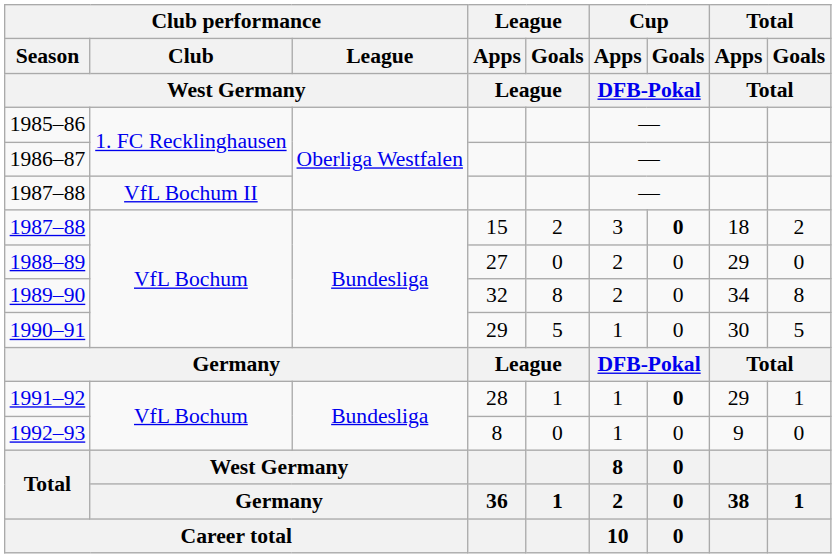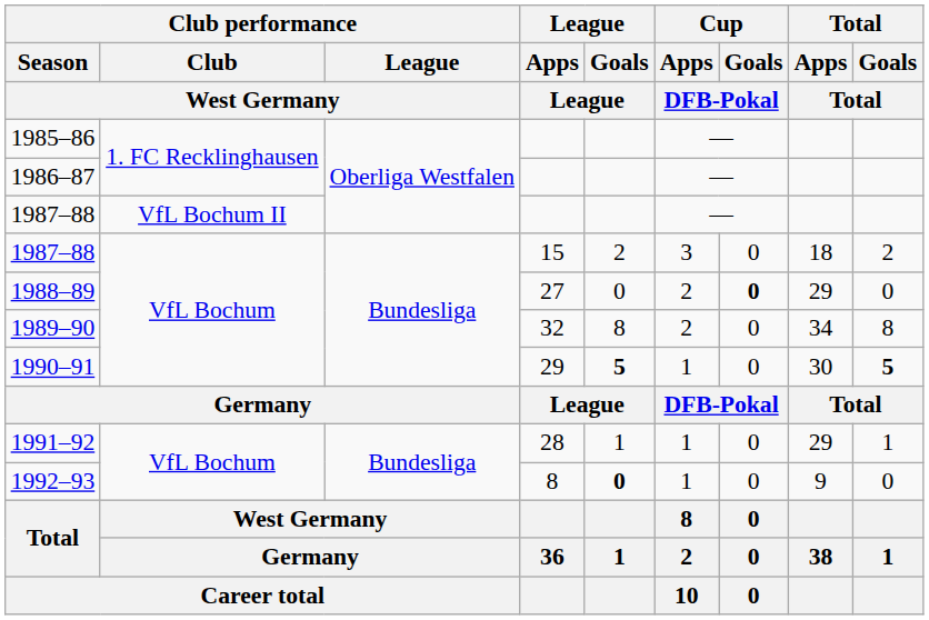 <table class="wikitable" style="text-align:center">
 <tr>
 <th colspan=3>Club performance</th>
 <th colspan=2>League</th>
 <th colspan=2>Cup</th>
 <th colspan=2>Total</th>
 </tr>
 <tr>
 <th>Season</th>
 <th>Club</th>
 <th>League</th>
 <th>Apps</th>
 <th>Goals</th>
 <th>Apps</th>
 <th>Goals</th>
 <th>Apps</th>
 <th>Goals</th>
 </tr>
 <tr>
 <th colspan=3>West Germany</th>
 <th colspan=2>League</th>
 <th colspan=2><a href='#'>DFB-Pokal</a></th>
 <th colspan=2>Total</th>
 </tr>
 <tr>
 <td>1985–86</td>
 <td rowspan="2"><a href='#'>1. FC Recklinghausen</a></td>
 <td rowspan="3"><a href='#'>Oberliga Westfalen</a></td>
 <td></td>
 <td></td>
 <td colspan="2">—</td>
 <td></td>
 <td></td>
 </tr>
 <tr>
 <td>1986–87</td>
 <td></td>
 <td></td>
 <td colspan="2">—</td>
 <td></td>
 <td></td>
 </tr>
 <tr>
 <td>1987–88</td>
 <td><a href='#'>VfL Bochum II</a></td>
 <td></td>
 <td></td>
 <td colspan="2">—</td>
 <td></td>
 <td></td>
 </tr>
 <tr>
 <td><a href='#'>1987–88</a></td>
 <td rowspan="4"><a href='#'>VfL Bochum</a></td>
 <td rowspan="4"><a href='#'>Bundesliga</a></td>
 <td>15</td>
 <td>2</td>
 <td>3</td>
-<td><strong>0</strong></td>
+<td>0</td>
 <td>18</td>
 <td>2</td>
 </tr>
 <tr>
 <td><a href='#'>1988–89</a></td>
 <td>27</td>
 <td>0</td>
 <td>2</td>
-<td>0</td>
+<td><strong>0</strong></td>
 <td>29</td>
 <td>0</td>
 </tr>
 <tr>
 <td><a href='#'>1989–90</a></td>
 <td>32</td>
 <td>8</td>
 <td>2</td>
 <td>0</td>
 <td>34</td>
 <td>8</td>
 </tr>
 <tr>
 <td><a href='#'>1990–91</a></td>
 <td>29</td>
-<td>5</td>
+<td><strong>5</strong></td>
 <td>1</td>
 <td>0</td>
 <td>30</td>
-<td>5</td>
+<td><strong>5</strong></td>
 </tr>
 <tr>
 <th colspan=3>Germany</th>
 <th colspan=2>League</th>
 <th colspan=2><a href='#'>DFB-Pokal</a></th>
 <th colspan=2>Total</th>
 </tr>
 <tr>
 <td><a href='#'>1991–92</a></td>
 <td rowspan="2"><a href='#'>VfL Bochum</a></td>
 <td rowspan="2"><a href='#'>Bundesliga</a></td>
 <td>28</td>
 <td>1</td>
 <td>1</td>
-<td><strong>0</strong></td>
+<td>0</td>
 <td>29</td>
 <td>1</td>
 </tr>
 <tr>
 <td><a href='#'>1992–93</a></td>
 <td>8</td>
-<td>0</td>
+<td><strong>0</strong></td>
 <td>1</td>
 <td>0</td>
 <td>9</td>
 <td>0</td>
 </tr>
 <tr>
 <th rowspan=2>Total</th>
 <th colspan=2>West Germany</th>
 <th></th>
 <th></th>
 <th>8</th>
 <th>0</th>
 <th></th>
 <th></th>
 </tr>
 <tr>
 <th colspan=2>Germany</th>
 <th>36</th>
 <th>1</th>
 <th>2</th>
 <th>0</th>
 <th>38</th>
 <th>1</th>
 </tr>
 <tr>
 <th colspan=3>Career total</th>
 <th></th>
 <th></th>
 <th>10</th>
 <th>0</th>
 <th></th>
 <th></th>
 </tr>
 </table>
